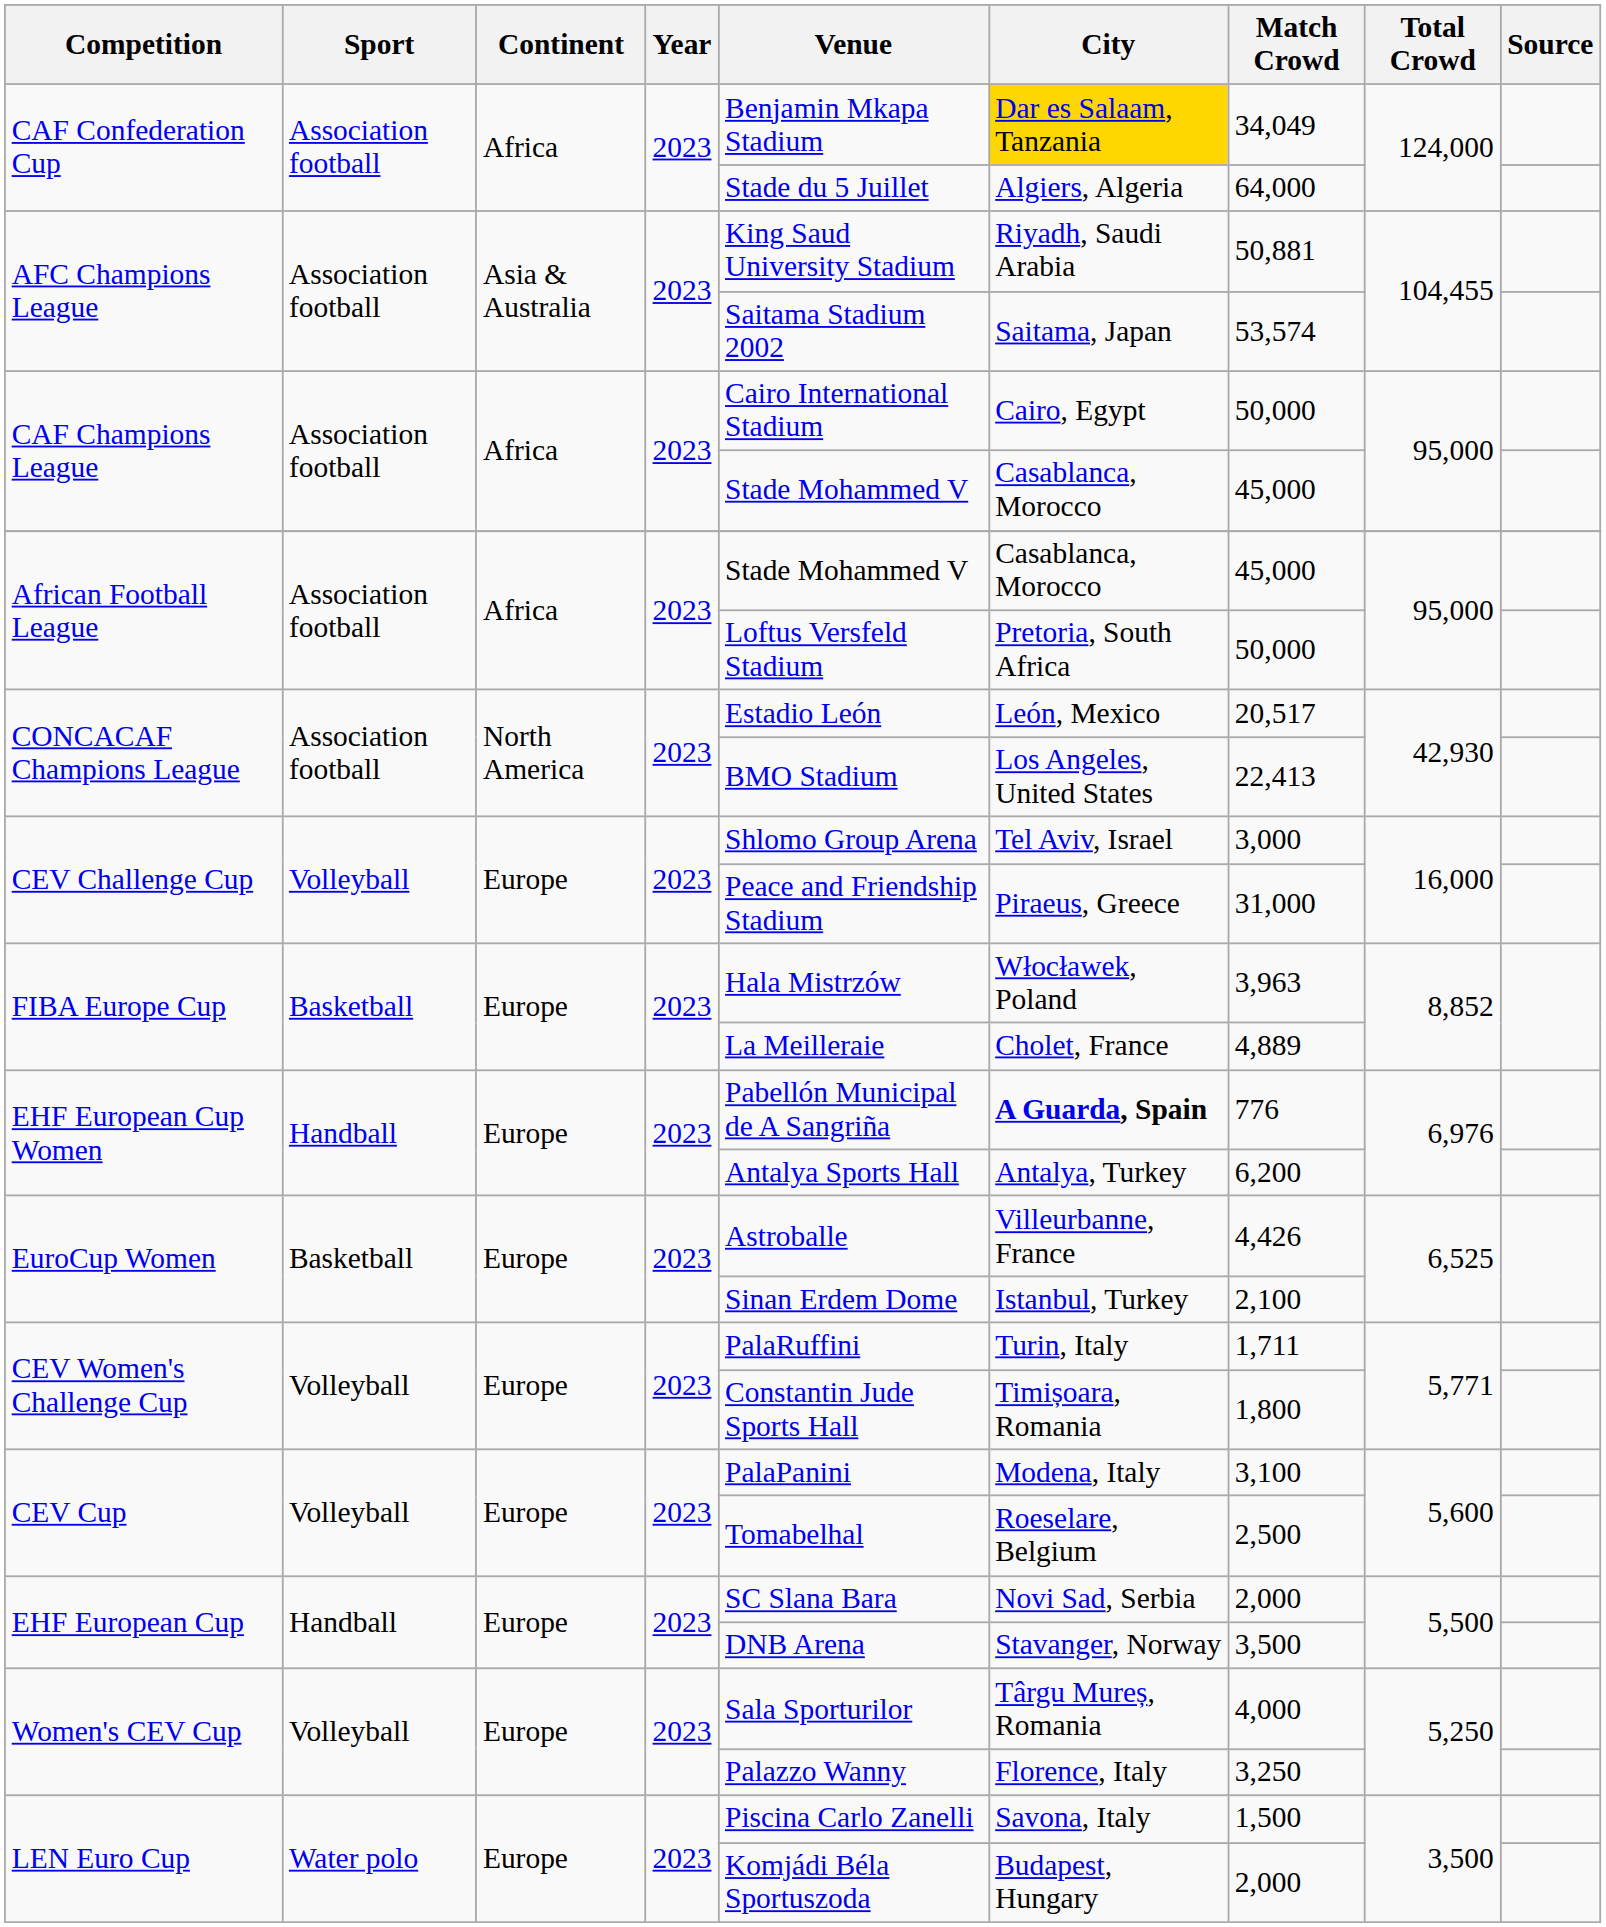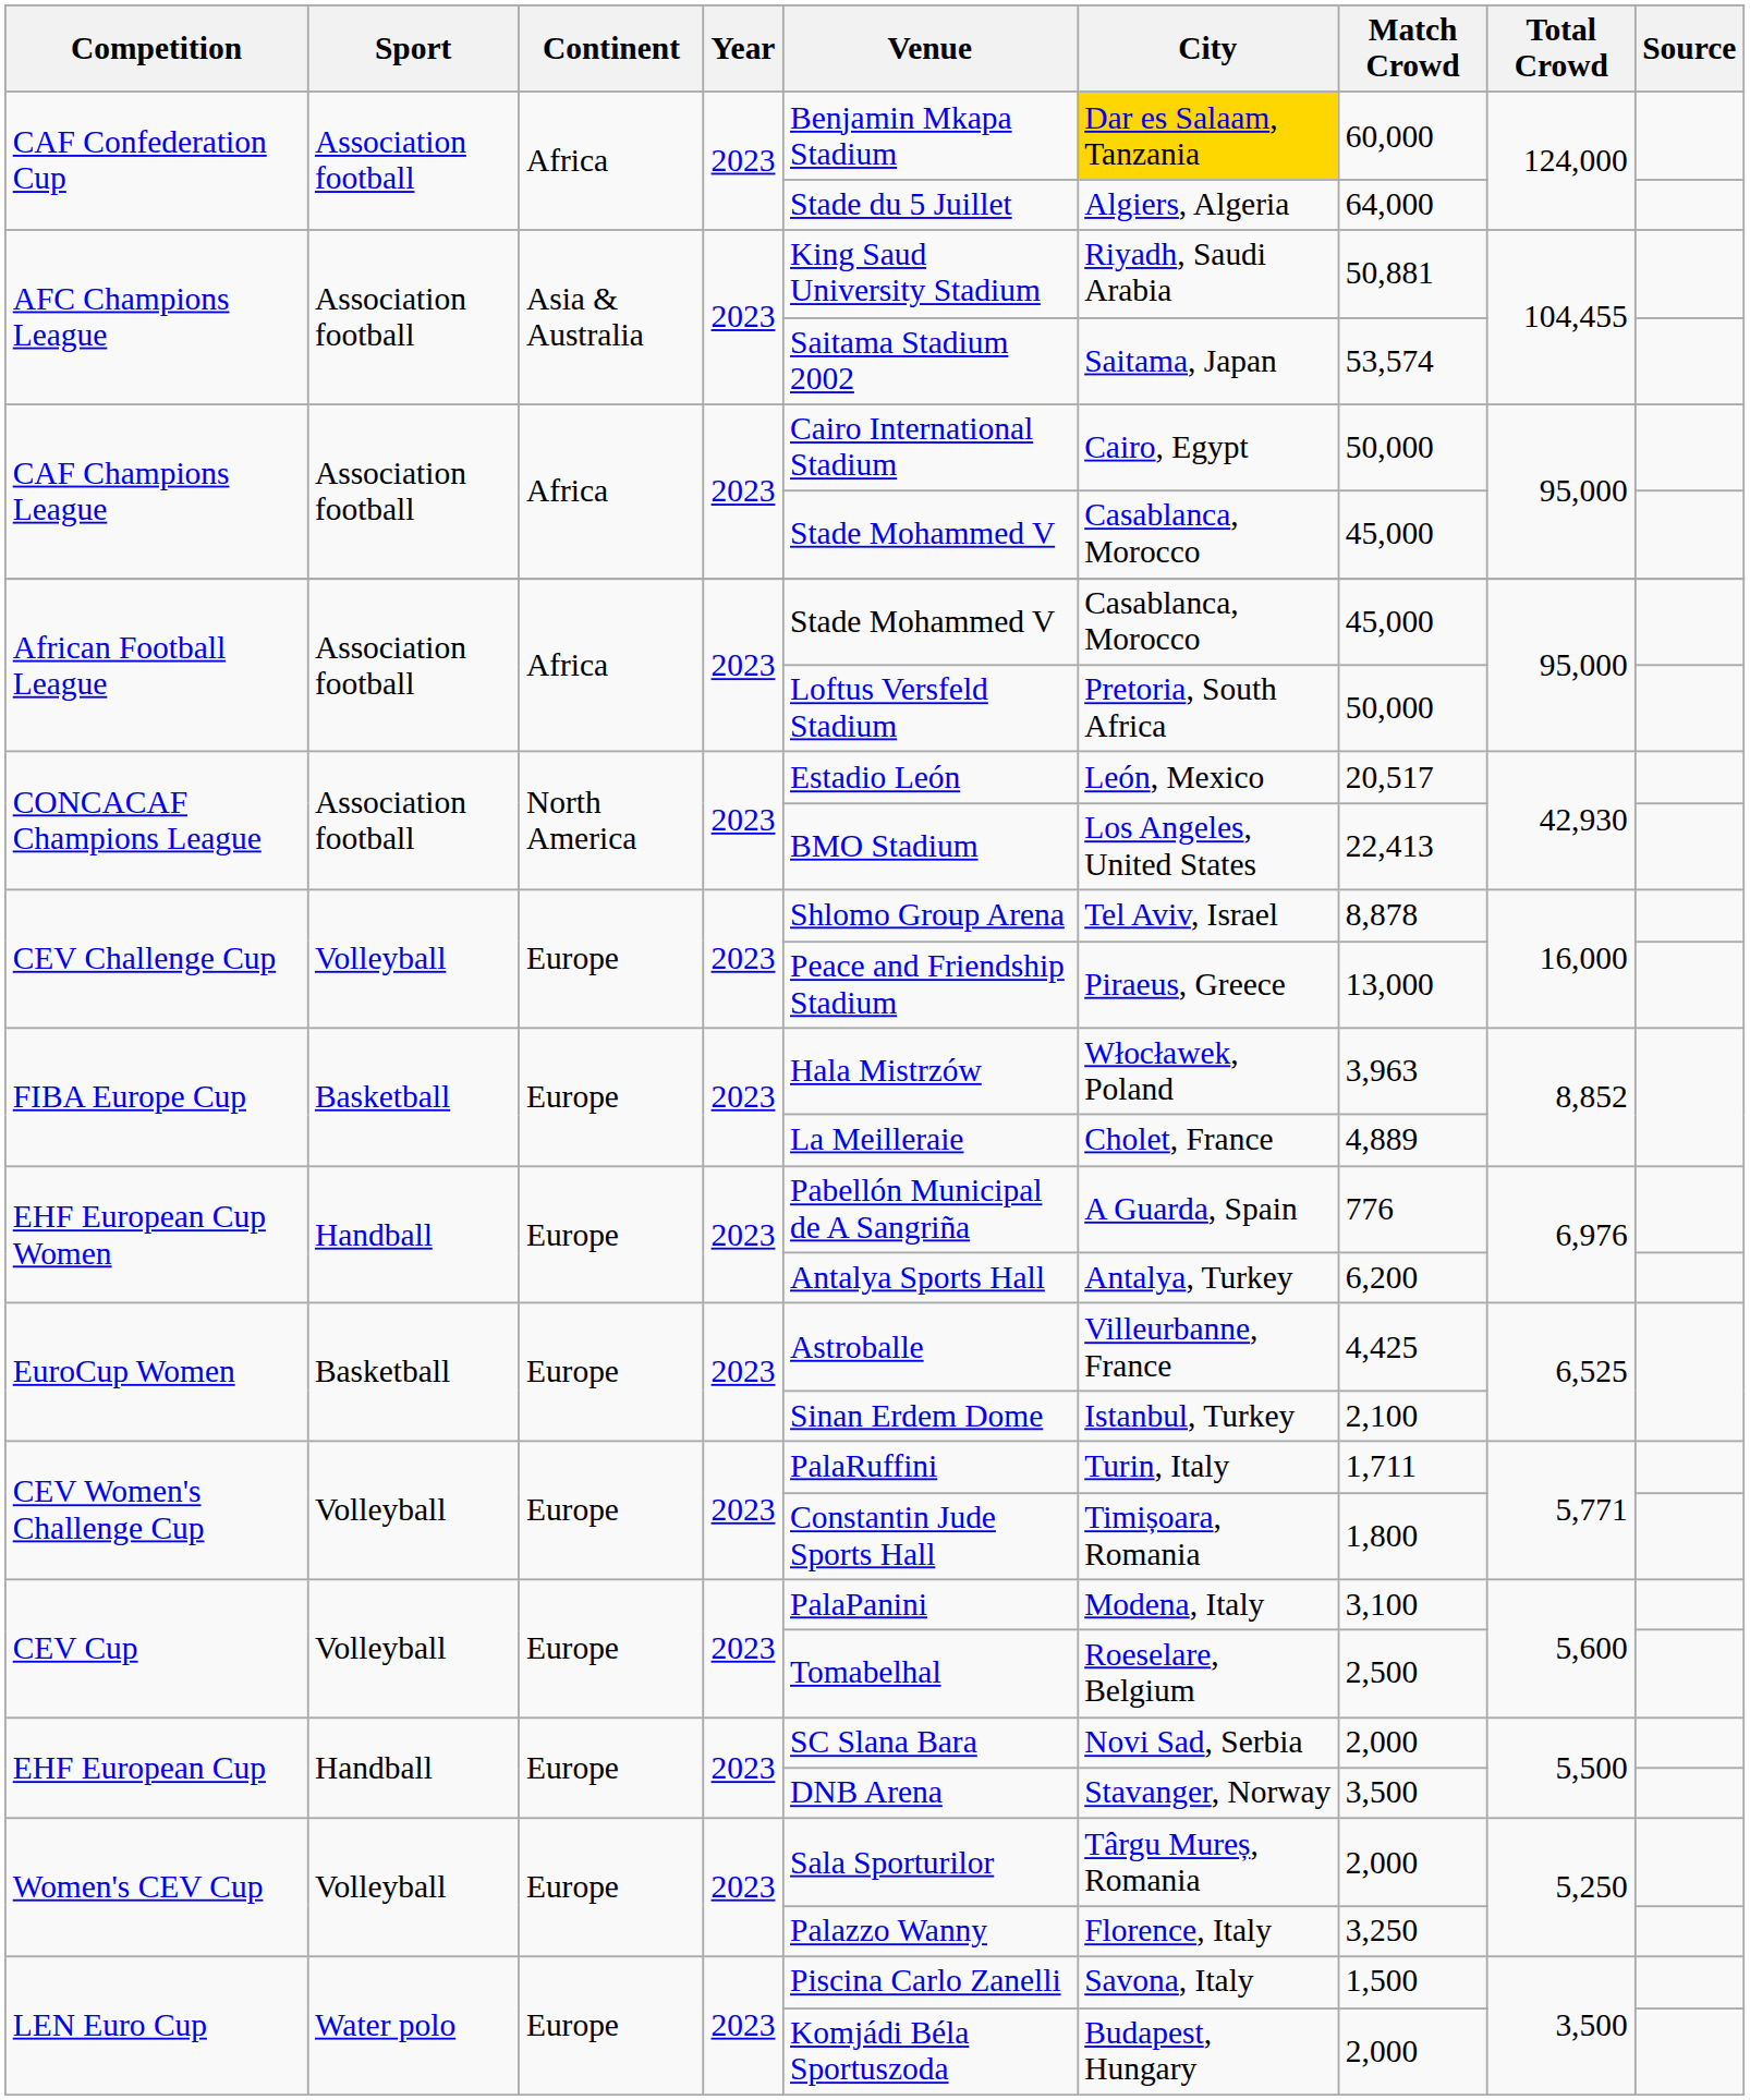 <table class="wikitable sortable">
 <tr>
 <th>Competition</th>
 <th>Sport</th>
 <th>Continent</th>
 <th>Year</th>
 <th>Venue</th>
 <th>City</th>
 <th data-sort-type="number">Match Crowd</th>
 <th data-sort-type="number">Total Crowd</th>
 <th>Source</th>
 </tr>
 <tr>
 <td rowspan="2"><a href='#'>CAF Confederation Cup</a></td>
 <td rowspan="2"><a href='#'>Association football</a></td>
 <td rowspan="2">Africa</td>
 <td rowspan="2"><a href='#'>2023</a></td>
 <td><a href='#'>Benjamin Mkapa Stadium</a></td>
 <td style="background: gold;"><a href='#'>Dar es Salaam</a>, Tanzania</td>
-<td>34,049</td>
+<td>60,000</td>
 <td rowspan="2" style="text-align:right;">124,000</td>
 <td></td>
 </tr>
 <tr>
 <td><a href='#'>Stade du 5 Juillet</a></td>
 <td><a href='#'>Algiers</a>, Algeria</td>
 <td>64,000</td>
 <td></td>
 </tr>
 <tr>
 <td rowspan="2"><a href='#'>AFC Champions League</a></td>
 <td rowspan="2">Association football</td>
 <td rowspan="2">Asia & Australia</td>
 <td rowspan="2"><a href='#'>2023</a></td>
 <td><a href='#'>King Saud University Stadium</a></td>
 <td><a href='#'>Riyadh</a>, Saudi Arabia</td>
 <td>50,881</td>
 <td rowspan="2" style="text-align:right;">104,455</td>
 <td></td>
 </tr>
 <tr>
 <td><a href='#'>Saitama Stadium 2002</a></td>
 <td><a href='#'>Saitama</a>, Japan</td>
 <td>53,574</td>
 <td></td>
 </tr>
 <tr>
 <td rowspan="2"><a href='#'>CAF Champions League</a></td>
 <td rowspan="2">Association football</td>
 <td rowspan="2">Africa</td>
 <td rowspan="2"><a href='#'>2023</a></td>
 <td><a href='#'>Cairo International Stadium</a></td>
 <td><a href='#'>Cairo</a>, Egypt</td>
 <td>50,000</td>
 <td rowspan="2" style="text-align:right;">95,000</td>
 <td></td>
 </tr>
 <tr>
 <td><a href='#'>Stade Mohammed V</a></td>
 <td><a href='#'>Casablanca</a>, Morocco</td>
 <td>45,000</td>
 <td></td>
 </tr>
 <tr>
 </tr>
 <tr>
 <td rowspan="2"><a href='#'>African Football League</a></td>
 <td rowspan="2">Association football</td>
 <td rowspan="2">Africa</td>
 <td rowspan="2"><a href='#'>2023</a></td>
 <td>Stade Mohammed V</td>
 <td>Casablanca, Morocco</td>
 <td>45,000</td>
 <td rowspan="2" style="text-align:right;">95,000</td>
 <td></td>
 </tr>
 <tr>
 <td><a href='#'>Loftus Versfeld Stadium</a></td>
 <td><a href='#'>Pretoria</a>, South Africa</td>
 <td>50,000</td>
 <td></td>
 </tr>
 <tr>
 <td rowspan="2"><a href='#'>CONCACAF Champions League</a></td>
 <td rowspan="2">Association football</td>
 <td rowspan="2">North America</td>
 <td rowspan="2"><a href='#'>2023</a></td>
 <td><a href='#'>Estadio León</a></td>
 <td><a href='#'>León</a>, Mexico</td>
 <td>20,517</td>
 <td rowspan="2" style="text-align:right;">42,930</td>
 <td></td>
 </tr>
 <tr>
 <td><a href='#'>BMO Stadium</a></td>
 <td><a href='#'>Los Angeles</a>, United States</td>
 <td>22,413</td>
 <td></td>
 </tr>
 <tr>
 <td rowspan="2"><a href='#'>CEV Challenge Cup</a></td>
 <td rowspan="2"><a href='#'>Volleyball</a></td>
 <td rowspan="2">Europe</td>
 <td rowspan="2"><a href='#'>2023</a></td>
 <td><a href='#'>Shlomo Group Arena</a></td>
 <td><a href='#'>Tel Aviv</a>, Israel</td>
-<td>3,000</td>
+<td>8,878</td>
 <td rowspan="2" style="text-align:right;">16,000</td>
 <td></td>
 </tr>
 <tr>
 <td><a href='#'>Peace and Friendship Stadium</a></td>
 <td><a href='#'>Piraeus</a>, Greece</td>
-<td>31,000</td>
+<td>13,000</td>
 <td></td>
 </tr>
 <tr>
 <td rowspan="2"><a href='#'>FIBA Europe Cup</a></td>
 <td rowspan="2"><a href='#'>Basketball</a></td>
 <td rowspan="2">Europe</td>
 <td rowspan="2"><a href='#'>2023</a></td>
 <td><a href='#'>Hala Mistrzów</a></td>
 <td><a href='#'>Włocławek</a>, Poland</td>
 <td>3,963</td>
 <td rowspan="2" style="text-align:right;">8,852</td>
 <td rowspan="2"></td>
 </tr>
 <tr>
 <td><a href='#'>La Meilleraie</a></td>
 <td><a href='#'>Cholet</a>, France</td>
 <td>4,889</td>
 </tr>
 <tr>
 <td rowspan="2"><a href='#'>EHF European Cup Women</a></td>
 <td rowspan="2"><a href='#'>Handball</a></td>
 <td rowspan="2">Europe</td>
 <td rowspan="2"><a href='#'>2023</a></td>
 <td><a href='#'>Pabellón Municipal de A Sangriña</a></td>
-<td><strong><a href='#'>A Guarda</a>, Spain</strong></td>
+<td><a href='#'>A Guarda</a>, Spain</td>
 <td>776</td>
 <td rowspan="2" style="text-align:right;">6,976</td>
 <td></td>
 </tr>
 <tr>
 <td><a href='#'>Antalya Sports Hall</a></td>
 <td><a href='#'>Antalya</a>, Turkey</td>
 <td>6,200</td>
 <td></td>
 </tr>
 <tr>
 <td rowspan="2"><a href='#'>EuroCup Women</a></td>
 <td rowspan="2">Basketball</td>
 <td rowspan="2">Europe</td>
 <td rowspan="2"><a href='#'>2023</a></td>
 <td><a href='#'>Astroballe</a></td>
 <td><a href='#'>Villeurbanne</a>, France</td>
-<td>4,426</td>
+<td>4,425</td>
 <td rowspan="2" style="text-align:right;">6,525</td>
 <td rowspan="2"></td>
 </tr>
 <tr>
 <td><a href='#'>Sinan Erdem Dome</a></td>
 <td><a href='#'>Istanbul</a>, Turkey</td>
 <td>2,100</td>
 </tr>
 <tr>
 <td rowspan="2"><a href='#'>CEV Women's Challenge Cup</a></td>
 <td rowspan="2">Volleyball</td>
 <td rowspan="2">Europe</td>
 <td rowspan="2"><a href='#'>2023</a></td>
 <td><a href='#'>PalaRuffini</a></td>
 <td><a href='#'>Turin</a>, Italy</td>
 <td>1,711</td>
 <td rowspan="2" style="text-align:right;">5,771</td>
 <td></td>
 </tr>
 <tr>
 <td><a href='#'>Constantin Jude Sports Hall</a></td>
 <td><a href='#'>Timișoara</a>, Romania</td>
 <td>1,800</td>
 <td></td>
 </tr>
 <tr>
 <td rowspan="2"><a href='#'>CEV Cup</a></td>
 <td rowspan="2">Volleyball</td>
 <td rowspan="2">Europe</td>
 <td rowspan="2"><a href='#'>2023</a></td>
 <td><a href='#'>PalaPanini</a></td>
 <td><a href='#'>Modena</a>, Italy</td>
 <td>3,100</td>
 <td rowspan="2" style="text-align:right;">5,600</td>
 <td></td>
 </tr>
 <tr>
 <td><a href='#'>Tomabelhal</a></td>
 <td><a href='#'>Roeselare</a>, Belgium</td>
 <td>2,500</td>
 <td></td>
 </tr>
 <tr>
 <td rowspan="2"><a href='#'>EHF European Cup</a></td>
 <td rowspan="2">Handball</td>
 <td rowspan="2">Europe</td>
 <td rowspan="2"><a href='#'>2023</a></td>
 <td><a href='#'>SC Slana Bara</a></td>
 <td><a href='#'>Novi Sad</a>, Serbia</td>
 <td>2,000</td>
 <td rowspan="2" style="text-align:right;">5,500</td>
 <td></td>
 </tr>
 <tr>
 <td><a href='#'>DNB Arena</a></td>
 <td><a href='#'>Stavanger</a>, Norway</td>
 <td>3,500</td>
 <td></td>
 </tr>
 <tr>
 <td rowspan="2"><a href='#'>Women's CEV Cup</a></td>
 <td rowspan="2">Volleyball</td>
 <td rowspan="2">Europe</td>
 <td rowspan="2"><a href='#'>2023</a></td>
 <td><a href='#'>Sala Sporturilor</a></td>
 <td><a href='#'>Târgu Mureș</a>, Romania</td>
-<td>4,000</td>
+<td>2,000</td>
 <td rowspan="2" style="text-align:right;">5,250</td>
 <td></td>
 </tr>
 <tr>
 <td><a href='#'>Palazzo Wanny</a></td>
 <td><a href='#'>Florence</a>, Italy</td>
 <td>3,250</td>
 <td></td>
 </tr>
 <tr>
 <td rowspan="2"><a href='#'>LEN Euro Cup</a></td>
 <td rowspan="2"><a href='#'>Water polo</a></td>
 <td rowspan="2">Europe</td>
 <td rowspan="2"><a href='#'>2023</a></td>
 <td><a href='#'>Piscina Carlo Zanelli</a></td>
 <td><a href='#'>Savona</a>, Italy</td>
 <td>1,500</td>
 <td rowspan="2" style="text-align:right;">3,500</td>
 <td></td>
 </tr>
 <tr>
 <td><a href='#'>Komjádi Béla Sportuszoda</a></td>
 <td><a href='#'>Budapest</a>, Hungary</td>
 <td>2,000</td>
 <td></td>
 </tr>
 </table>
